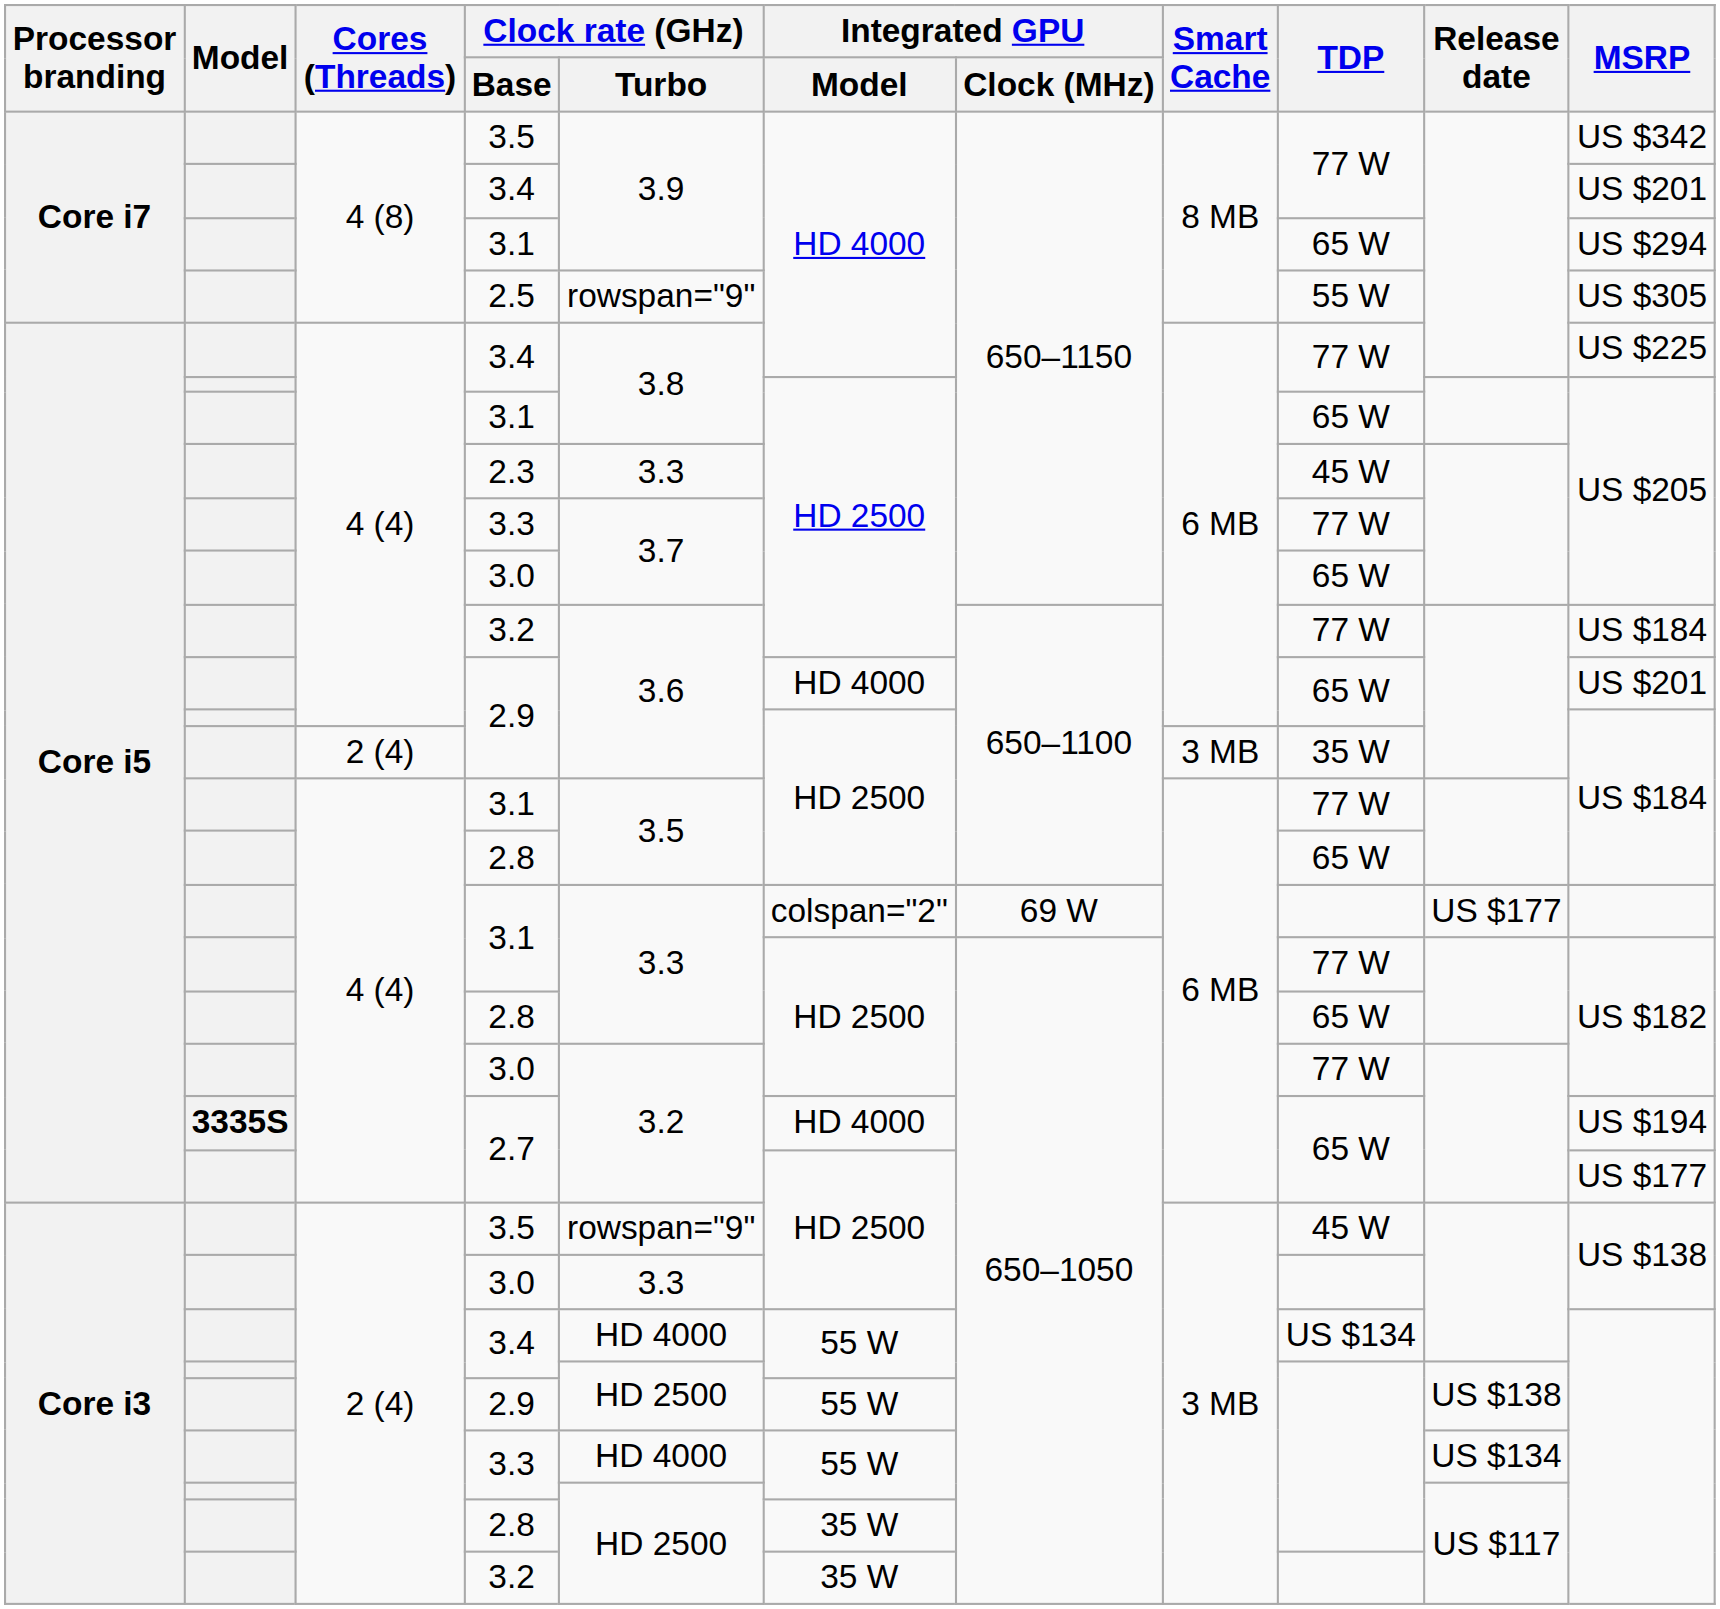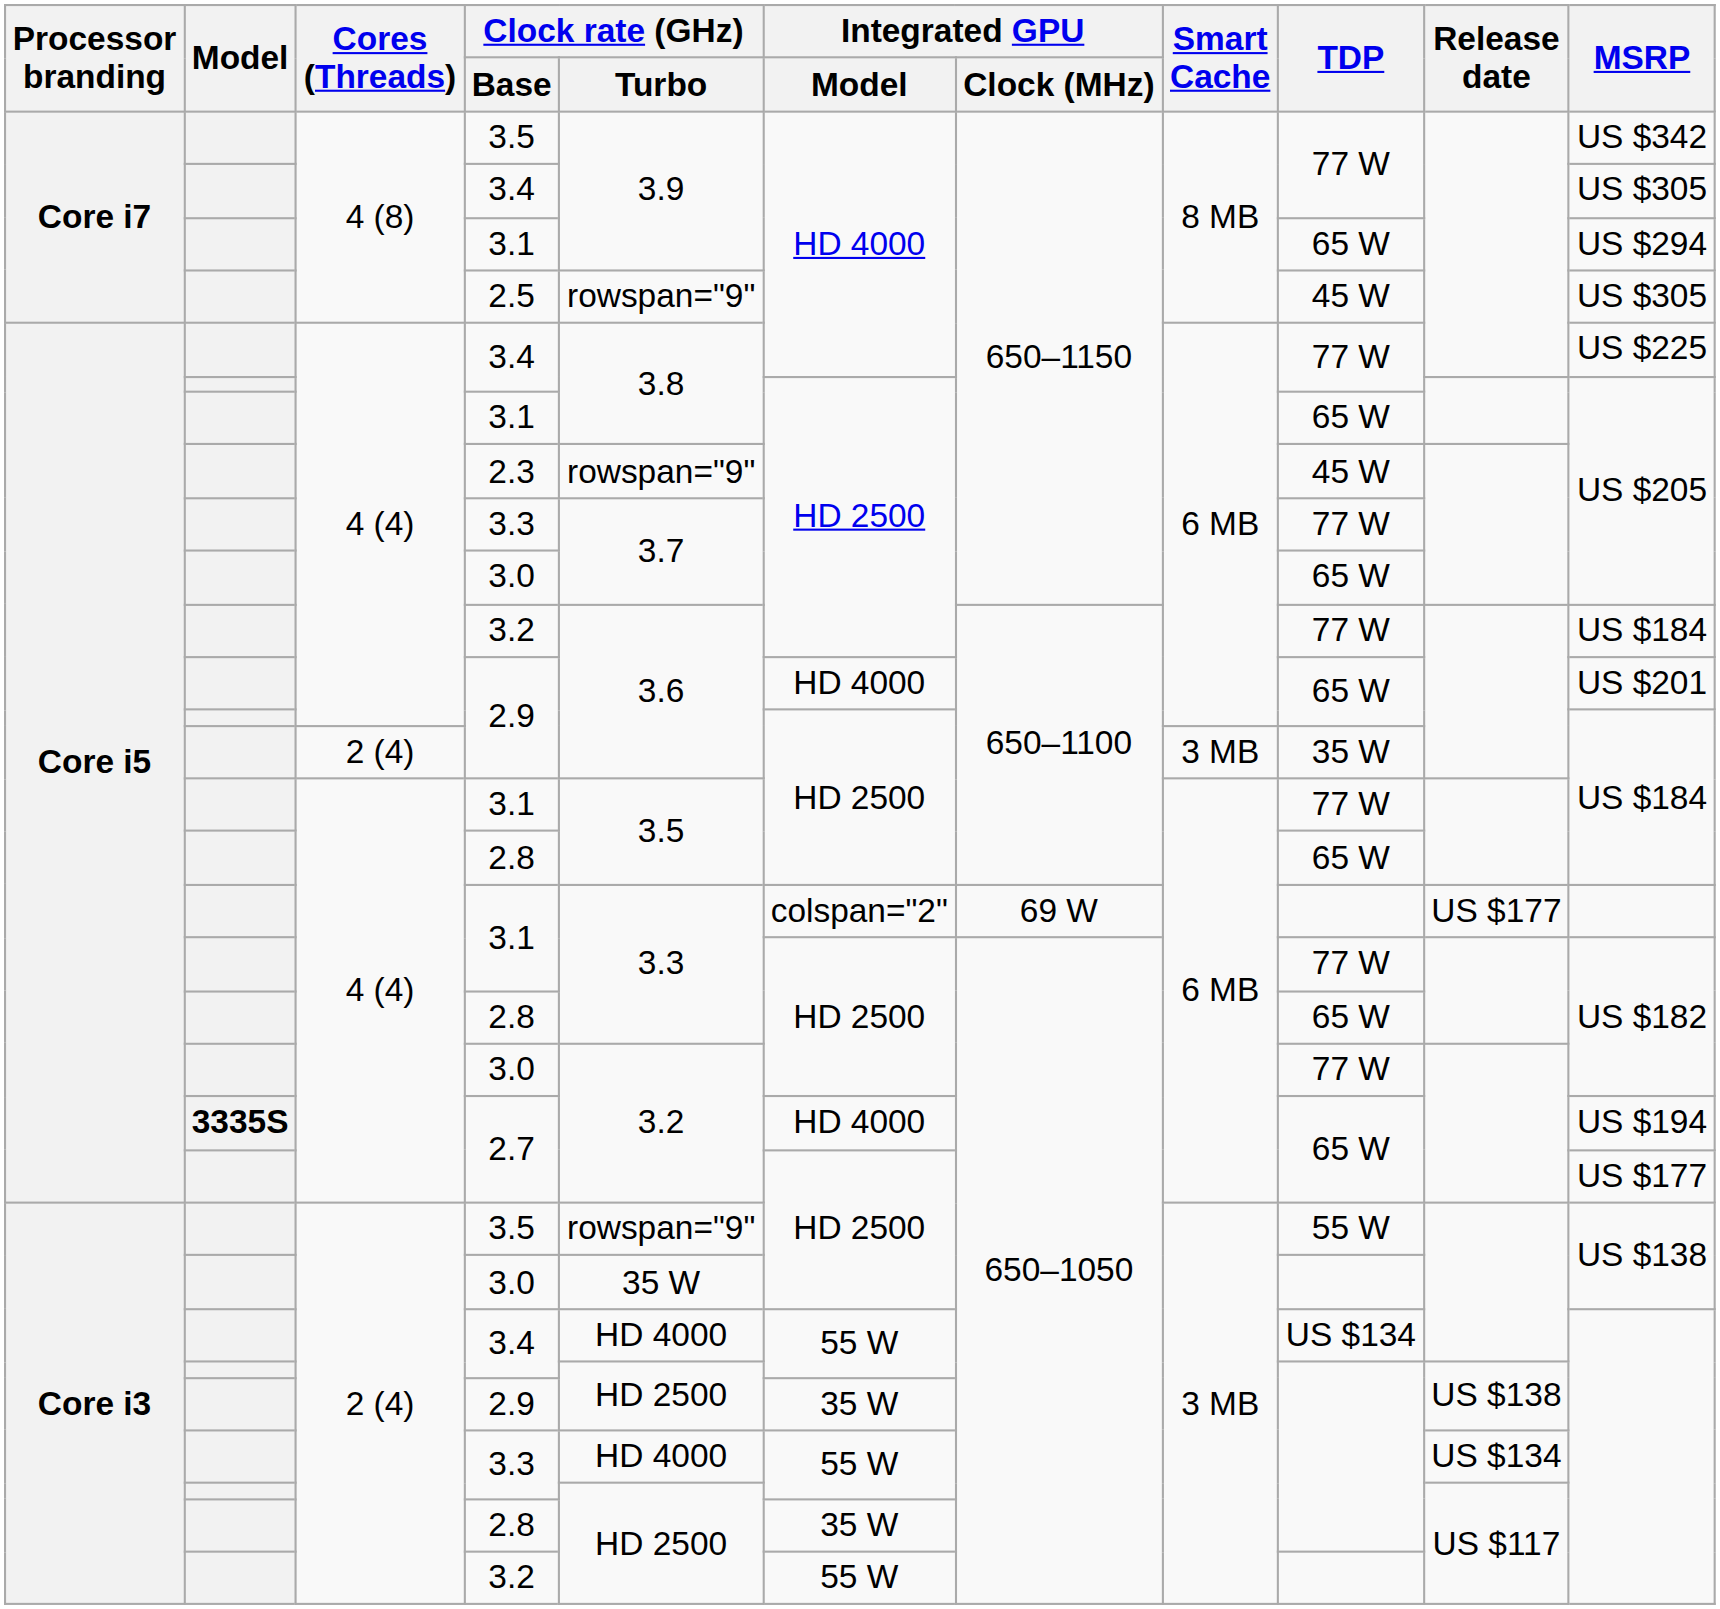 <table class="wikitable sortable nowrap" style="text-align: center;">
 <tr>
 <th class="unsortable" rowspan="2">Processor<br>branding</th>
 <th rowspan="2">Model</th>
 <th class="unsortable" rowspan="2"><a href='#'>Cores</a><br>(<a href='#'>Threads</a>)</th>
 <th colspan="2"><a href='#'>Clock rate</a> (GHz)</th>
 <th colspan="2">Integrated <a href='#'>GPU</a></th>
 <th class="unsortable" rowspan="2"><a href='#'>Smart<br>Cache</a></th>
 <th rowspan="2"><a href='#'>TDP</a></th>
 <th rowspan="2">Release<br>date</th>
 <th class="unsortable" rowspan="2"><a href='#'>MSRP</a></th>
 </tr>
 <tr>
 <th class="unsortable">Base</th>
 <th class="unsortable">Turbo</th>
 <th class="unsortable">Model</th>
 <th class="unsortable">Clock (MHz)</th>
 </tr>
 <tr>
 <th rowspan="4">Core i7</th>
 <th style="text-align:left;" data-sort-value="sku31"></th>
 <td rowspan="4">4 (8)</td>
 <td>3.5</td>
 <td rowspan="3">3.9</td>
 <td rowspan="5"><a href='#'>HD 4000</a></td>
 <td rowspan="10">650–1150</td>
 <td rowspan="4">8 MB</td>
 <td rowspan="2">77 W</td>
 <td rowspan="5"></td>
 <td>US $342</td>
 </tr>
 <tr>
 <th style="text-align:left;" data-sort-value="sku30"></th>
 <td>3.4</td>
-<td>US $201</td>
+<td>US $305</td>
 </tr>
 <tr>
 <th style="text-align:left;" data-sort-value="sku29"></th>
 <td>3.1</td>
 <td>65 W</td>
 <td>US $294</td>
 </tr>
 <tr>
 <th style="text-align:left;" data-sort-value="sku28"></th>
 <td>2.5</td>
 <td>rowspan="9" </td>
-<td>55 W</td>
+<td>45 W</td>
 <td>US $305</td>
 </tr>
 <tr>
 <th rowspan="18">Core i5</th>
 <th style="text-align:left;" data-sort-value="sku27"></th>
 <td rowspan="9">4 (4)</td>
 <td rowspan="2">3.4</td>
 <td rowspan="3">3.8</td>
 <td rowspan="9">6 MB</td>
 <td rowspan="2">77 W</td>
 <td>US $225</td>
 </tr>
 <tr>
 <th style="text-align:left;" data-sort-value="sku26"></th>
 <td rowspan="6"><a href='#'>HD 2500</a></td>
 <td rowspan="2"></td>
 <td rowspan="5">US $205</td>
 </tr>
 <tr>
 <th style="text-align:left;" data-sort-value="sku25"></th>
 <td>3.1</td>
 <td>65 W</td>
 </tr>
 <tr>
 <th style="text-align:left;" data-sort-value="sku24"></th>
 <td>2.3</td>
-<td>3.3</td>
+<td>rowspan="9" </td>
 <td>45 W</td>
 <td rowspan="3"></td>
 </tr>
 <tr>
 <th style="text-align:left;" data-sort-value="sku23"></th>
 <td>3.3</td>
 <td rowspan="2">3.7</td>
 <td>77 W</td>
 </tr>
 <tr>
 <th style="text-align:left;" data-sort-value="sku22"></th>
 <td>3.0</td>
 <td>65 W</td>
 </tr>
 <tr>
 <th style="text-align:left;" data-sort-value="sku21"></th>
 <td>3.2</td>
 <td rowspan="4">3.6</td>
 <td rowspan="6">650–1100</td>
 <td>77 W</td>
 <td rowspan="4"></td>
 <td>US $184</td>
 </tr>
 <tr>
 <th style="text-align:left;" data-sort-value="sku20"></th>
 <td rowspan="3">2.9</td>
 <td>HD 4000</td>
 <td rowspan="2">65 W</td>
 <td>US $201</td>
 </tr>
 <tr>
 <th style="text-align:left;" data-sort-value="sku19"></th>
 <td rowspan="4">HD 2500</td>
 <td rowspan="4">US $184</td>
 </tr>
 <tr>
 <th style="text-align:left;" data-sort-value="sku18"></th>
 <td>2 (4)</td>
 <td>3 MB</td>
 <td>35 W</td>
 </tr>
 <tr>
 <th style="text-align:left;" data-sort-value="sku17"></th>
 <td rowspan="8">4 (4)</td>
 <td>3.1</td>
 <td rowspan="2">3.5</td>
 <td rowspan="8">6 MB</td>
 <td>77 W</td>
 <td rowspan="2"></td>
 </tr>
 <tr>
 <th style="text-align:left;" data-sort-value="sku16"></th>
 <td>2.8</td>
 <td>65 W</td>
 </tr>
 <tr>
 <th style="text-align:left;" data-sort-value="sku15"></th>
 <td rowspan="2">3.1</td>
 <td rowspan="3">3.3</td>
 <td>colspan="2" </td>
 <td>69 W</td>
 <td></td>
 <td>US $177</td>
 </tr>
 <tr>
 <th style="text-align:left;" data-sort-value="sku14"></th>
 <td rowspan="3">HD 2500</td>
 <td rowspan="14">650–1050</td>
 <td>77 W</td>
 <td rowspan="2"></td>
 <td rowspan="3">US $182</td>
 </tr>
 <tr>
 <th style="text-align:left;" data-sort-value="sku13"></th>
 <td>2.8</td>
 <td>65 W</td>
 </tr>
 <tr>
 <th style="text-align:left;" data-sort-value="sku12"></th>
 <td>3.0</td>
 <td rowspan="3">3.2</td>
 <td>77 W</td>
 <td rowspan="3"></td>
 </tr>
 <tr>
 <th style="text-align:left;" data-sort-value="sku11">3335S</th>
 <td rowspan="2">2.7</td>
 <td>HD 4000</td>
 <td rowspan="2">65 W</td>
 <td>US $194</td>
 </tr>
 <tr>
 <th style="text-align:left;" data-sort-value="sku10"></th>
 <td rowspan="3">HD 2500</td>
 <td>US $177</td>
 </tr>
 <tr>
 <th rowspan="9">Core i3</th>
 <th style="text-align:left;" data-sort-value="sku9"></th>
 <td rowspan="9">2 (4)</td>
 <td>3.5</td>
 <td>rowspan="9" </td>
 <td rowspan="9">3 MB</td>
-<td>45 W</td>
+<td>55 W</td>
 <td rowspan="3"></td>
 <td rowspan="2">US $138</td>
 </tr>
 <tr>
 <th style="text-align:left;" data-sort-value="sku8"></th>
 <td>3.0</td>
-<td>3.3</td>
+<td>35 W</td>
 </tr>
 <tr>
 <th style="text-align:left;" data-sort-value="sku7"></th>
 <td rowspan="2">3.4</td>
 <td>HD 4000</td>
 <td rowspan="2">55 W</td>
 <td>US $134</td>
 </tr>
 <tr>
 <th style="text-align:left;" data-sort-value="sku6"></th>
 <td rowspan="2">HD 2500</td>
 <td rowspan="5"></td>
 <td rowspan="2">US $138</td>
 </tr>
 <tr>
 <th style="text-align:left;" data-sort-value="sku5"></th>
 <td>2.9</td>
-<td>55 W</td>
+<td>35 W</td>
 </tr>
 <tr>
 <th style="text-align:left;" data-sort-value="sku4"></th>
 <td rowspan="2">3.3</td>
 <td>HD 4000</td>
 <td rowspan="2">55 W</td>
 <td>US $134</td>
 </tr>
 <tr>
 <th style="text-align:left;" data-sort-value="sku3"></th>
 <td rowspan="3">HD 2500</td>
 <td rowspan="3">US $117</td>
 </tr>
 <tr>
 <th style="text-align:left;" data-sort-value="sku2"></th>
 <td>2.8</td>
 <td>35 W</td>
 </tr>
 <tr>
 <th style="text-align:left;" data-sort-value="sku1"></th>
 <td>3.2</td>
-<td>35 W</td>
+<td>55 W</td>
 <td></td>
 </tr>
 </table>
